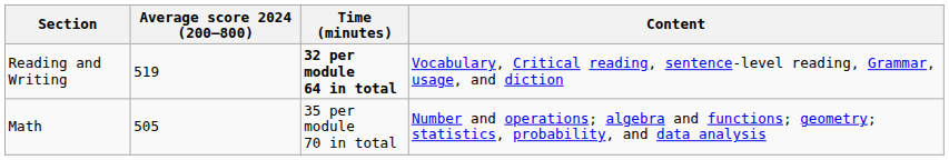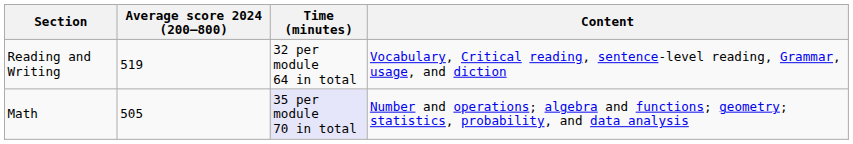 <table class="wikitable">
 <tr>
 <th>Section</th>
 <th>Average score 2024 (200–800)</th>
 <th>Time (minutes)</th>
 <th>Content</th>
 </tr>
 <tr>
 <td>Reading and Writing</td>
 <td>519</td>
-<td><strong>32 per module<br>64 in total</strong></td>
+<td>32 per module<br>64 in total</td>
 <td><a href='#'>Vocabulary</a>, <a href='#'>Critical</a> <a href='#'>reading</a>, <a href='#'>sentence</a>-level reading, <a href='#'>Grammar</a>, <a href='#'>usage</a>, and <a href='#'>diction</a></td>
 </tr>
 <tr>
 <td>Math</td>
 <td>505</td>
-<td>35 per module<br>70 in total</td>
+<td style="background: lavender;">35 per module<br>70 in total</td>
 <td><a href='#'>Number</a> and <a href='#'>operations</a>; <a href='#'>algebra</a> and <a href='#'>functions</a>; <a href='#'>geometry</a>; <a href='#'>statistics</a>, <a href='#'>probability</a>, and <a href='#'>data analysis</a></td>
 </tr>
 </table>
